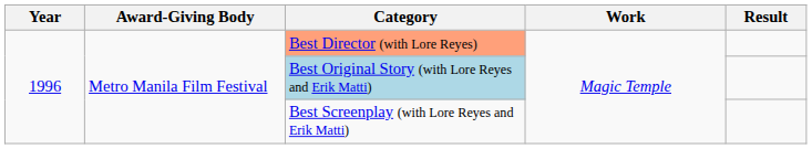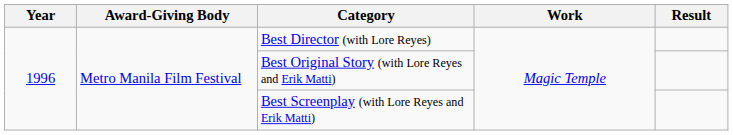 <table | width="90%" class="wikitable sortable">
 <tr>
 <th width="10%">Year</th>
 <th width="25%">Award-Giving Body</th>
 <th width="30%">Category</th>
 <th width="25%">Work</th>
 <th width="10%">Result</th>
 </tr>
 <tr>
 <td rowspan="3" align="center"><a href='#'>1996</a></td>
 <td rowspan="3" align="left"><a href='#'>Metro Manila Film Festival</a></td>
-<td align="left" style="background: lightsalmon;"><a href='#'>Best Director</a> <small>(with Lore Reyes)</small></td>
+<td align="left"><a href='#'>Best Director</a> <small>(with Lore Reyes)</small></td>
 <td align="center" rowspan=3><em><a href='#'>Magic Temple</a></em></td>
 <td></td>
 </tr>
 <tr>
-<td align="left" style="background: lightblue;"><a href='#'>Best Original Story</a> <small>(with Lore Reyes and <a href='#'>Erik Matti</a>)</small></td>
+<td align="left"><a href='#'>Best Original Story</a> <small>(with Lore Reyes and <a href='#'>Erik Matti</a>)</small></td>
 <td></td>
 </tr>
 <tr>
 <td align="left"><a href='#'>Best Screenplay</a> <small>(with Lore Reyes and <a href='#'>Erik Matti</a>)</small></td>
 <td></td>
 </tr>
 </table>
